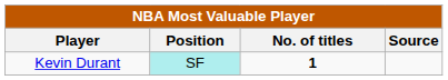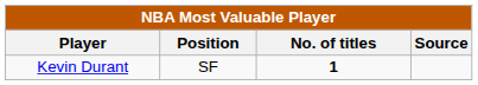 <table class="wikitable" style="text-align:center">
 <tr>
 <td colspan="5" style= "background: #BF5700; color:white"><strong>NBA Most Valuable Player</strong></td>
 </tr>
 <tr>
 <th style="width:150px; ">Player</th>
 <th style="width:90px; ">Position</th>
 <th style="width:150px; ">No. of titles</th>
 <th style="width:50px; ">Source</th>
 </tr>
 <tr>
 <td><a href='#'>Kevin Durant</a></td>
-<td style="background: paleturquoise;">SF</td>
+<td>SF</td>
 <td><strong>1</strong></td>
 <td></td>
 </tr>
 </table>
